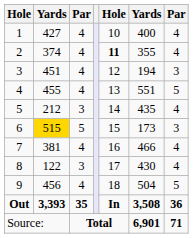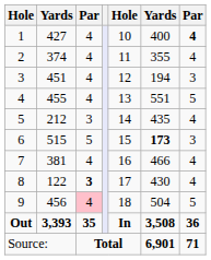 <table class="wikitable" style="text-align:center;">
 <tr>
 <th>Hole</th>
 <th>Yards</th>
 <th>Par</th>
 <th></th>
 <th>Hole</th>
 <th>Yards</th>
 <th>Par</th>
 </tr>
 <tr>
 <td>1</td>
 <td>427</td>
 <td>4</td>
 <td rowspan=10 style="background:#E6E8FA;"></td>
 <td>10</td>
 <td>400</td>
-<td>4</td>
+<td><strong>4</strong></td>
 </tr>
 <tr>
 <td>2</td>
 <td>374</td>
 <td>4</td>
-<td><strong>11</strong></td>
+<td>11</td>
 <td>355</td>
 <td>4</td>
 </tr>
 <tr>
 <td>3</td>
 <td>451</td>
 <td>4</td>
 <td>12</td>
 <td>194</td>
 <td>3</td>
 </tr>
 <tr>
 <td>4</td>
 <td>455</td>
 <td>4</td>
 <td>13</td>
 <td>551</td>
 <td>5</td>
 </tr>
 <tr>
 <td>5</td>
 <td>212</td>
 <td>3</td>
 <td>14</td>
 <td>435</td>
 <td>4</td>
 </tr>
 <tr>
 <td>6</td>
-<td style="background: gold;">515</td>
+<td>515</td>
 <td>5</td>
 <td>15</td>
-<td>173</td>
+<td><strong>173</strong></td>
 <td>3</td>
 </tr>
 <tr>
 <td>7</td>
 <td>381</td>
 <td>4</td>
 <td>16</td>
 <td>466</td>
 <td>4</td>
 </tr>
 <tr>
 <td>8</td>
 <td>122</td>
-<td>3</td>
+<td><strong>3</strong></td>
 <td>17</td>
 <td>430</td>
 <td>4</td>
 </tr>
 <tr>
 <td>9</td>
 <td>456</td>
-<td>4</td>
+<td style="background: pink;">4</td>
 <td>18</td>
 <td>504</td>
 <td>5</td>
 </tr>
 <tr>
 <td><strong>Out</strong></td>
 <td><strong>3,393</strong></td>
 <td><strong>35</strong></td>
 <td><strong>In</strong></td>
 <td><strong>3,508</strong></td>
 <td><strong>36</strong></td>
 </tr>
 <tr>
 <td colspan="2" style="text-align:left;">Source:</td>
 <td colspan="3"><strong>Total</strong></td>
 <td><strong>6,901</strong></td>
 <td><strong>71</strong></td>
 </tr>
 </table>
